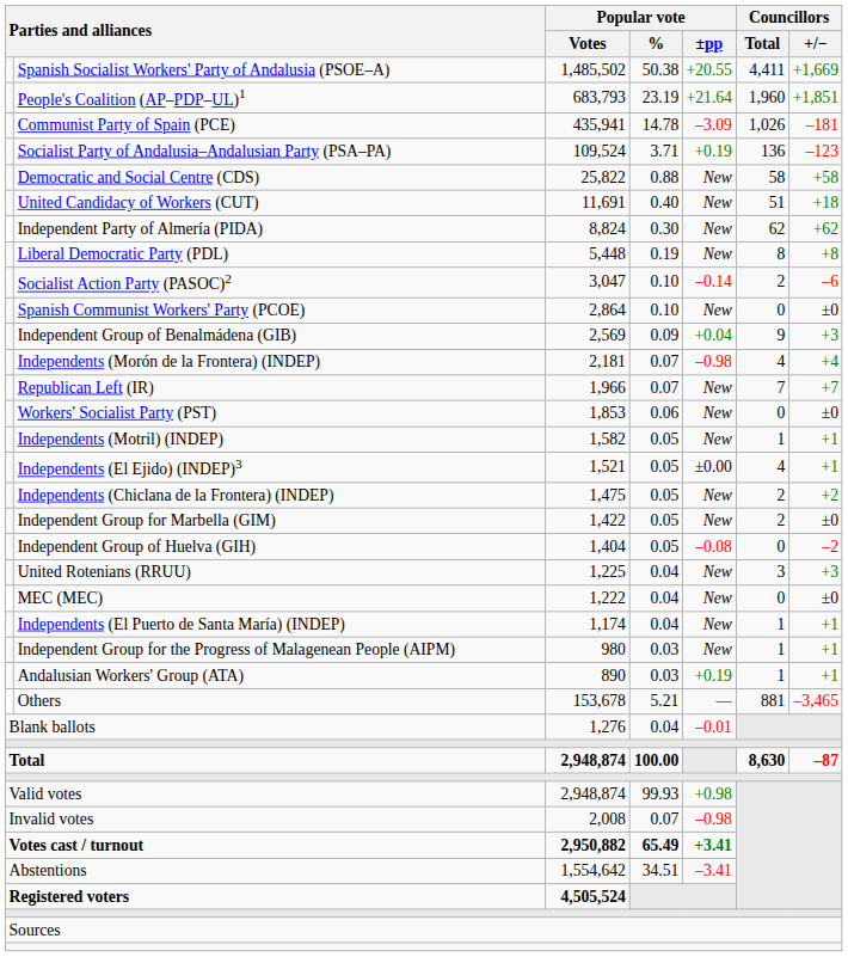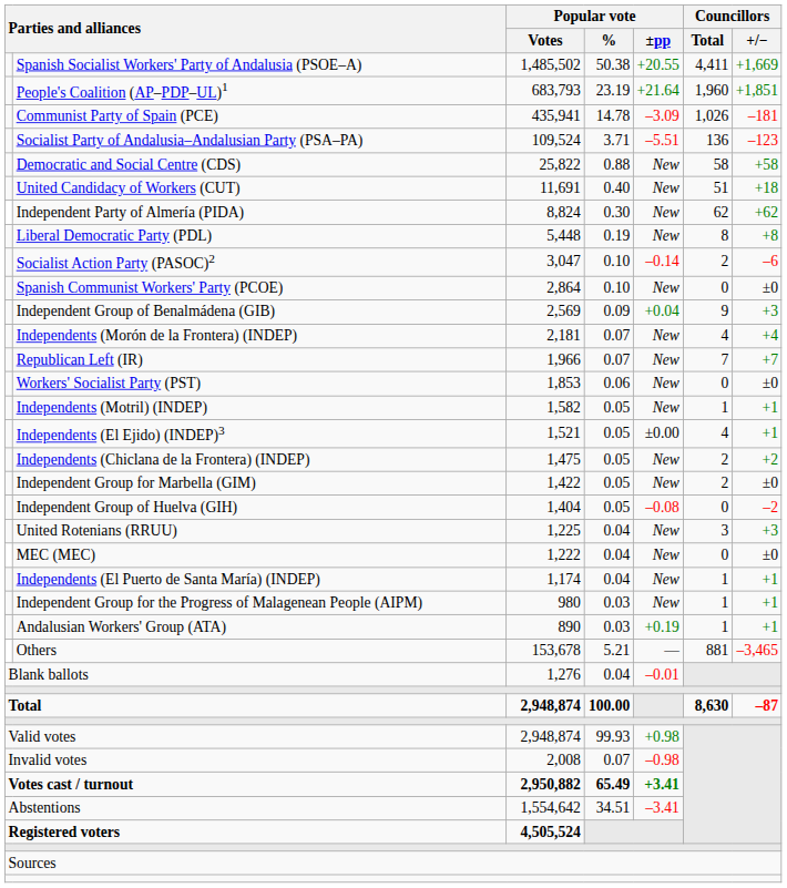 <table class="wikitable" style="text-align:right;">
 <tr>
 <th style="text-align:left;" rowspan="2" colspan="2" width="525">Parties and alliances</th>
 <th colspan="3">Popular vote</th>
 <th colspan="2">Councillors</th>
 </tr>
 <tr>
 <th width="75">Votes</th>
 <th width="45">%</th>
 <th width="45">±<a href='#'>pp</a></th>
 <th width="45">Total</th>
 <th width="45">+/−</th>
 </tr>
 <tr>
 <td width="1" style="color:inherit;background:"></td>
 <td align="left"><a href='#'>Spanish Socialist Workers' Party of Andalusia</a> (PSOE–A)</td>
 <td>1,485,502</td>
 <td>50.38</td>
 <td style="color:green;">+20.55</td>
 <td>4,411</td>
 <td style="color:green;">+1,669</td>
 </tr>
 <tr>
 <td style="color:inherit;background:"></td>
 <td align="left"><a href='#'>People's Coalition</a> (<a href='#'>AP</a>–<a href='#'>PDP</a>–<a href='#'>UL</a>)<sup>1</sup></td>
 <td>683,793</td>
 <td>23.19</td>
 <td style="color:green;">+21.64</td>
 <td>1,960</td>
 <td style="color:green;">+1,851</td>
 </tr>
 <tr>
 <td style="color:inherit;background:"></td>
 <td align="left"><a href='#'>Communist Party of Spain</a> (PCE)</td>
 <td>435,941</td>
 <td>14.78</td>
 <td style="color:red;">–3.09</td>
 <td>1,026</td>
 <td style="color:red;">–181</td>
 </tr>
 <tr>
 <td style="color:inherit;background:"></td>
 <td align="left"><a href='#'>Socialist Party of Andalusia–Andalusian Party</a> (PSA–PA)</td>
 <td>109,524</td>
 <td>3.71</td>
-<td style="color:green;">+0.19</td>
+<td style="color:red;">–5.51</td>
 <td>136</td>
 <td style="color:red;">–123</td>
 </tr>
 <tr>
 <td style="color:inherit;background:"></td>
 <td align="left"><a href='#'>Democratic and Social Centre</a> (CDS)</td>
 <td>25,822</td>
 <td>0.88</td>
 <td><em>New</em></td>
 <td>58</td>
 <td style="color:green;">+58</td>
 </tr>
 <tr>
 <td style="color:inherit;background:"></td>
 <td align="left"><a href='#'>United Candidacy of Workers</a> (CUT)</td>
 <td>11,691</td>
 <td>0.40</td>
 <td><em>New</em></td>
 <td>51</td>
 <td style="color:green;">+18</td>
 </tr>
 <tr>
 <td bgcolor="white"></td>
 <td align="left">Independent Party of Almería (PIDA)</td>
 <td>8,824</td>
 <td>0.30</td>
 <td><em>New</em></td>
 <td>62</td>
 <td style="color:green;">+62</td>
 </tr>
 <tr>
 <td style="color:inherit;background:"></td>
 <td align="left"><a href='#'>Liberal Democratic Party</a> (PDL)</td>
 <td>5,448</td>
 <td>0.19</td>
 <td><em>New</em></td>
 <td>8</td>
 <td style="color:green;">+8</td>
 </tr>
 <tr>
 <td style="color:inherit;background:"></td>
 <td align="left"><a href='#'>Socialist Action Party</a> (PASOC)<sup>2</sup></td>
 <td>3,047</td>
 <td>0.10</td>
 <td style="color:red;">–0.14</td>
 <td>2</td>
 <td style="color:red;">–6</td>
 </tr>
 <tr>
 <td style="color:inherit;background:"></td>
 <td align="left"><a href='#'>Spanish Communist Workers' Party</a> (PCOE)</td>
 <td>2,864</td>
 <td>0.10</td>
 <td><em>New</em></td>
 <td>0</td>
 <td>±0</td>
 </tr>
 <tr>
 <td style="color:inherit;background:"></td>
 <td align="left">Independent Group of Benalmádena (GIB)</td>
 <td>2,569</td>
 <td>0.09</td>
 <td style="color:green;">+0.04</td>
 <td>9</td>
 <td style="color:green;">+3</td>
 </tr>
 <tr>
 <td style="color:inherit;background:"></td>
 <td align="left"><a href='#'>Independents</a> (Morón de la Frontera) (INDEP)</td>
 <td>2,181</td>
 <td>0.07</td>
-<td style="color:red;">–0.98</td>
+<td><em>New</em></td>
 <td>4</td>
 <td style="color:green;">+4</td>
 </tr>
 <tr>
 <td style="color:inherit;background:"></td>
 <td align="left"><a href='#'>Republican Left</a> (IR)</td>
 <td>1,966</td>
 <td>0.07</td>
 <td><em>New</em></td>
 <td>7</td>
 <td style="color:green;">+7</td>
 </tr>
 <tr>
 <td style="color:inherit;background:"></td>
 <td align="left"><a href='#'>Workers' Socialist Party</a> (PST)</td>
 <td>1,853</td>
 <td>0.06</td>
 <td><em>New</em></td>
 <td>0</td>
 <td>±0</td>
 </tr>
 <tr>
 <td style="color:inherit;background:"></td>
 <td align="left"><a href='#'>Independents</a> (Motril) (INDEP)</td>
 <td>1,582</td>
 <td>0.05</td>
 <td><em>New</em></td>
 <td>1</td>
 <td style="color:green;">+1</td>
 </tr>
 <tr>
 <td style="color:inherit;background:"></td>
 <td align="left"><a href='#'>Independents</a> (El Ejido) (INDEP)<sup>3</sup></td>
 <td>1,521</td>
 <td>0.05</td>
 <td>±0.00</td>
 <td>4</td>
 <td style="color:green;">+1</td>
 </tr>
 <tr>
 <td style="color:inherit;background:"></td>
 <td align="left"><a href='#'>Independents</a> (Chiclana de la Frontera) (INDEP)</td>
 <td>1,475</td>
 <td>0.05</td>
 <td><em>New</em></td>
 <td>2</td>
 <td style="color:green;">+2</td>
 </tr>
 <tr>
 <td style="color:inherit;background:"></td>
 <td align="left">Independent Group for Marbella (GIM)</td>
 <td>1,422</td>
 <td>0.05</td>
 <td><em>New</em></td>
 <td>2</td>
 <td>±0</td>
 </tr>
 <tr>
 <td style="color:inherit;background:"></td>
 <td align="left">Independent Group of Huelva (GIH)</td>
 <td>1,404</td>
 <td>0.05</td>
 <td style="color:red;">–0.08</td>
 <td>0</td>
 <td style="color:red;">–2</td>
 </tr>
 <tr>
 <td style="color:inherit;background:"></td>
 <td align="left">United Rotenians (RRUU)</td>
 <td>1,225</td>
 <td>0.04</td>
 <td><em>New</em></td>
 <td>3</td>
 <td style="color:green;">+3</td>
 </tr>
 <tr>
 <td bgcolor="white"></td>
 <td align="left">MEC (MEC)</td>
 <td>1,222</td>
 <td>0.04</td>
 <td><em>New</em></td>
 <td>0</td>
 <td>±0</td>
 </tr>
 <tr>
 <td style="color:inherit;background:"></td>
 <td align="left"><a href='#'>Independents</a> (El Puerto de Santa María) (INDEP)</td>
 <td>1,174</td>
 <td>0.04</td>
 <td><em>New</em></td>
 <td>1</td>
 <td style="color:green;">+1</td>
 </tr>
 <tr>
 <td style="color:inherit;background:"></td>
 <td align="left">Independent Group for the Progress of Malagenean People (AIPM)</td>
 <td>980</td>
 <td>0.03</td>
 <td><em>New</em></td>
 <td>1</td>
 <td style="color:green;">+1</td>
 </tr>
 <tr>
 <td style="color:inherit;background:"></td>
 <td align="left">Andalusian Workers' Group (ATA)</td>
 <td>890</td>
 <td>0.03</td>
 <td style="color:green;">+0.19</td>
 <td>1</td>
 <td style="color:green;">+1</td>
 </tr>
 <tr>
 <td bgcolor="white"></td>
 <td align="left">Others</td>
 <td>153,678</td>
 <td>5.21</td>
 <td>—</td>
 <td>881</td>
 <td style="color:red;">–3,465</td>
 </tr>
 <tr>
 <td align="left" colspan="2">Blank ballots</td>
 <td>1,276</td>
 <td>0.04</td>
 <td style="color:red;">–0.01</td>
 <td bgcolor="#E9E9E9" colspan="2"></td>
 </tr>
 <tr>
 <td colspan="7" bgcolor="#E9E9E9"></td>
 </tr>
 <tr style="font-weight:bold;">
 <td align="left" colspan="2">Total</td>
 <td>2,948,874</td>
 <td>100.00</td>
 <td bgcolor="#E9E9E9"></td>
 <td>8,630</td>
 <td style="color:red;">–87</td>
 </tr>
 <tr>
 <td colspan="7" bgcolor="#E9E9E9"></td>
 </tr>
 <tr>
 <td align="left" colspan="2">Valid votes</td>
 <td>2,948,874</td>
 <td>99.93</td>
 <td style="color:green;">+0.98</td>
 <td bgcolor="#E9E9E9" colspan="2" rowspan="5"></td>
 </tr>
 <tr>
 <td align="left" colspan="2">Invalid votes</td>
 <td>2,008</td>
 <td>0.07</td>
 <td style="color:red;">–0.98</td>
 </tr>
 <tr style="font-weight:bold;">
 <td align="left" colspan="2">Votes cast / turnout</td>
 <td>2,950,882</td>
 <td>65.49</td>
 <td style="color:green;">+3.41</td>
 </tr>
 <tr>
 <td align="left" colspan="2">Abstentions</td>
 <td>1,554,642</td>
 <td>34.51</td>
 <td style="color:red;">–3.41</td>
 </tr>
 <tr style="font-weight:bold;">
 <td align="left" colspan="2">Registered voters</td>
 <td>4,505,524</td>
 <td bgcolor="#E9E9E9" colspan="2"></td>
 </tr>
 <tr>
 <td colspan="7" bgcolor="#E9E9E9"></td>
 </tr>
 <tr>
 <td align="left" colspan="7">Sources</td>
 </tr>
 <tr>
 <td colspan="7" style="text-align:left; max-width:790px;"></td>
 </tr>
 </table>
